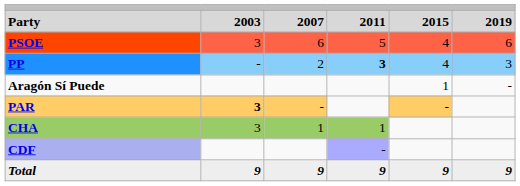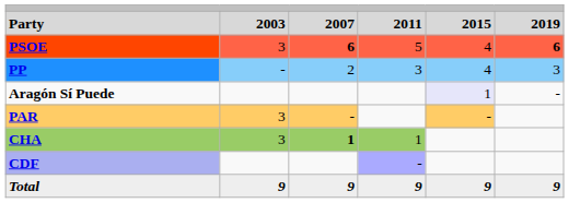 <table class="wikitable" style="margin:0 auto">
 <tr>
 <td colspan="9" width="600px" bgcolor="#C0C0C0"></td>
 </tr>
 <tr bgcolor="#D8D8D8">
 <td><strong>Party</strong></td>
 <td align="right"><strong>2003</strong></td>
 <td align="right"><strong>2007</strong></td>
 <td align="right"><strong>2011</strong></td>
 <td align="right"><strong>2015</strong></td>
 <td align="right"><strong>2019</strong></td>
 </tr>
 <tr>
 <td bgcolor="#FF4500"><strong><a href='#'>PSOE</a></strong></td>
 <td bgcolor="#FF6347" align="right">3</td>
-<td bgcolor="#FF6347" align="right">6</td>
+<td bgcolor="#FF6347" align="right"><strong>6</strong></td>
 <td bgcolor="#FF6347" align="right">5</td>
 <td bgcolor="#FF6347" align="right">4</td>
-<td bgcolor="#FF6347" align="right">6</td>
+<td bgcolor="#FF6347" align="right"><strong>6</strong></td>
 </tr>
 <tr>
 <td bgcolor="#1E90FF"><strong><a href='#'>PP</a></strong></td>
 <td bgcolor="#87CEFA" align="right">-</td>
 <td bgcolor="#87CEFA" align="right">2</td>
-<td bgcolor="#87CEFA" align="right"><strong>3</strong></td>
+<td bgcolor="#87CEFA" align="right">3</td>
 <td bgcolor="#87CEFA" align="right">4</td>
 <td bgcolor="#87CEFA" align="right">3</td>
 </tr>
 <tr>
 <td><strong>Aragón Sí Puede</strong></td>
 <td></td>
 <td></td>
 <td></td>
-<td align=right>1</td>
+<td align=right style="background: lavender;">1</td>
 <td align=right>-</td>
 </tr>
 <tr>
 <td bgcolor="#FFCC66"><strong><a href='#'>PAR</a></strong></td>
-<td bgcolor="#FFCC66" align="right"><strong>3</strong></td>
+<td bgcolor="#FFCC66" align="right">3</td>
 <td bgcolor="#FFCC66" align="right">-</td>
 <td></td>
 <td bgcolor="#FFCC66" align="right">-</td>
 <td></td>
 </tr>
 <tr>
 <td bgcolor="#99CC66"><strong><a href='#'>CHA</a></strong></td>
 <td bgcolor="#99CC66"  align="right">3</td>
-<td bgcolor="#99CC66"  align="right">1</td>
+<td bgcolor="#99CC66"  align="right"><strong>1</strong></td>
 <td bgcolor="#99CC66"  align="right">1</td>
 <td></td>
 <td></td>
 </tr>
 <tr>
 <td bgcolor="#aaaFF"><strong><a href='#'>CDF</a></strong></td>
 <td></td>
 <td></td>
 <td bgcolor="#aaaaFF" align="right">-</td>
 <td></td>
 <td></td>
 </tr>
 <tr bgcolor="#EEEEEE">
 <td><strong><em>Total</em></strong></td>
 <td align="right"><strong><em>9</em></strong></td>
 <td align="right"><strong><em>9</em></strong></td>
 <td align="right"><strong><em>9</em></strong></td>
 <td align="right"><strong><em>9</em></strong></td>
 <td align="right"><strong><em>9</em></strong></td>
 </tr>
 </table>
